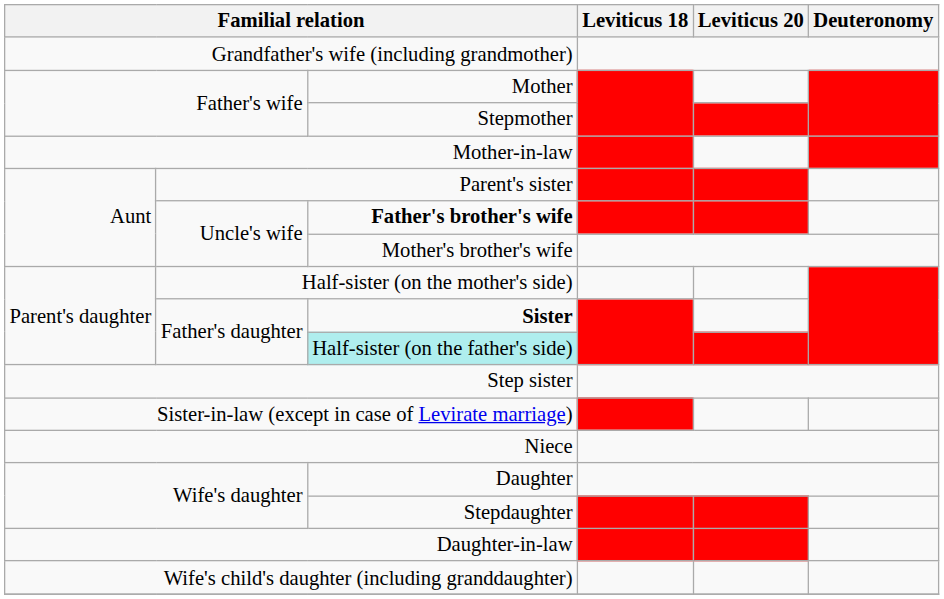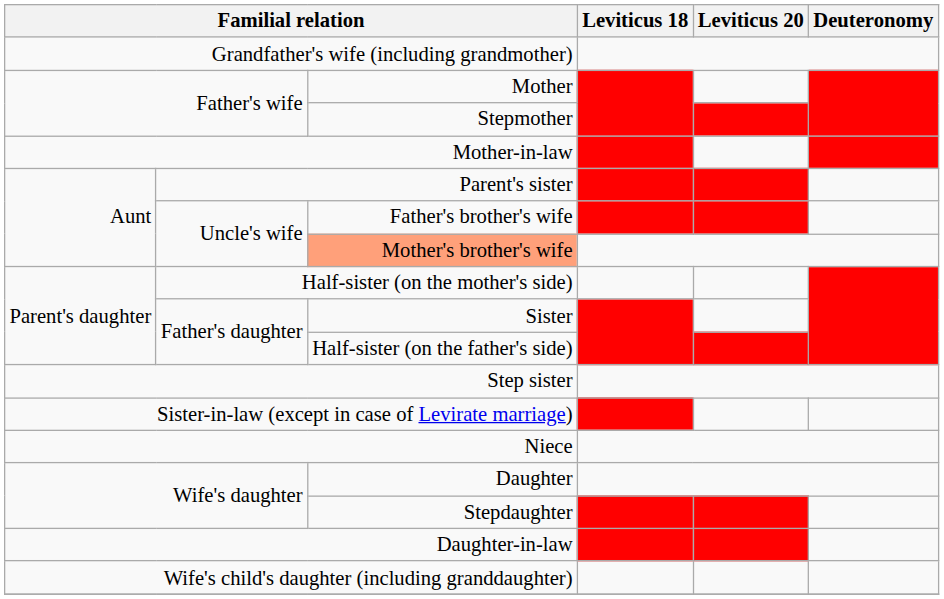 <table border="1" class="wikitable" style="text-align:right">
 <tr>
 <th colspan="3">Familial relation</th>
 <th>Leviticus 18</th>
 <th>Leviticus 20</th>
 <th>Deuteronomy</th>
 </tr>
 <tr>
 <td colspan="3">Grandfather's wife (including grandmother)</td>
 <td colspan="3"></td>
 </tr>
 <tr>
 <td colspan="2" rowspan="2">Father's wife</td>
 <td>Mother</td>
 <td rowspan="2" style="background-color:red "></td>
 <td></td>
 <td rowspan="2" style="background-color:red "></td>
 </tr>
 <tr>
 <td>Stepmother</td>
 <td style="background-color:red"></td>
 </tr>
 <tr>
 <td colspan="3">Mother-in-law</td>
 <td style="background-color:red "></td>
 <td></td>
 <td style="background-color:red "></td>
 </tr>
 <tr>
 <td rowspan="3">Aunt</td>
 <td colspan="2">Parent's sister</td>
 <td style="background-color:red "></td>
 <td style="background-color:red "></td>
 <td></td>
 </tr>
 <tr>
 <td rowspan="2">Uncle's wife</td>
-<td><strong>Father's brother's wife</strong></td>
+<td>Father's brother's wife</td>
 <td style="background-color:red "></td>
 <td style="background-color:red "></td>
 <td></td>
 </tr>
 <tr>
-<td>Mother's brother's wife</td>
+<td style="background: lightsalmon;">Mother's brother's wife</td>
 <td colspan="3"></td>
 </tr>
 <tr>
 <td rowspan="3">Parent's daughter</td>
 <td colspan="2">Half-sister (on the mother's side)</td>
 <td></td>
 <td></td>
 <td rowspan="3" style="background-color:red "></td>
 </tr>
 <tr>
 <td rowspan="2">Father's daughter</td>
-<td><strong>Sister</strong></td>
+<td>Sister</td>
 <td rowspan="2" style="background-color:red "></td>
 <td></td>
 </tr>
 <tr>
-<td style="background: paleturquoise;">Half-sister (on the father's side)</td>
+<td>Half-sister (on the father's side)</td>
 <td style="background-color:red "></td>
 </tr>
 <tr>
 <td colspan="3">Step sister</td>
 <td colspan="3"></td>
 </tr>
 <tr>
 <td colspan="3">Sister-in-law (except in case of <a href='#'>Levirate marriage</a>)</td>
 <td style="background-color:red "></td>
 <td></td>
 <td></td>
 </tr>
 <tr>
 <td colspan="3">Niece</td>
 <td colspan="3"></td>
 </tr>
 <tr>
 <td colspan="2" rowspan="2">Wife's daughter</td>
 <td>Daughter</td>
 <td colspan="3"></td>
 </tr>
 <tr>
 <td>Stepdaughter</td>
 <td style="background-color:red "></td>
 <td style="background-color:red "></td>
 <td></td>
 </tr>
 <tr>
 <td colspan="3">Daughter-in-law</td>
 <td style="background-color:red "></td>
 <td style="background-color:red "></td>
 <td></td>
 </tr>
 <tr>
 <td colspan="3">Wife's child's daughter (including granddaughter)</td>
 <td style="background-color:"></td>
 <td></td>
 <td></td>
 </tr>
 <tr>
 </tr>
 </table>
